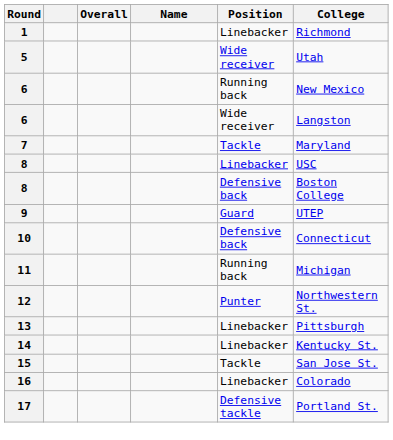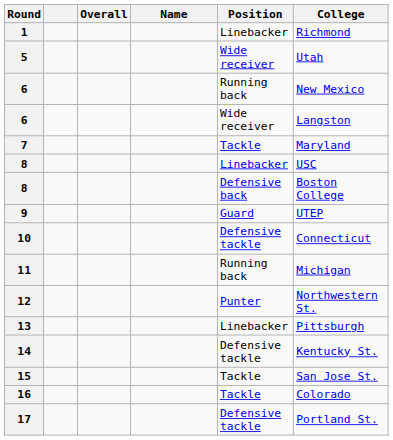 <table class="wikitable sortable" style="width: 50%;">
 <tr>
 <th scope="col" style="width: 10%;">Round</th>
 <th scope="col" style="width: 10%;"></th>
 <th scope="col" style="width: 10%;">Overall</th>
 <th scope="col" style="width: 25%;">Name</th>
 <th scope="col" style="width: 20%;">Position</th>
 <th scope="col" style="width: 25%;">College</th>
 </tr>
 <tr>
 <th scope="row">1</th>
 <td></td>
 <td></td>
 <td></td>
 <td>Linebacker</td>
 <td><a href='#'>Richmond</a></td>
 </tr>
 <tr>
 <th scope="row">5</th>
 <td></td>
 <td></td>
 <td></td>
 <td><a href='#'>Wide receiver</a></td>
 <td><a href='#'>Utah</a></td>
 </tr>
 <tr>
 <th scope="row">6</th>
 <td></td>
 <td></td>
 <td></td>
 <td>Running back</td>
 <td><a href='#'>New Mexico</a></td>
 </tr>
 <tr>
 <th scope="row">6</th>
 <td></td>
 <td></td>
 <td></td>
 <td>Wide receiver</td>
 <td><a href='#'>Langston</a></td>
 </tr>
 <tr>
 <th scope="row">7</th>
 <td></td>
 <td></td>
 <td></td>
 <td><a href='#'>Tackle</a></td>
 <td><a href='#'>Maryland</a></td>
 </tr>
 <tr>
 <th scope="row">8</th>
 <td></td>
 <td></td>
 <td></td>
 <td><a href='#'>Linebacker</a></td>
 <td><a href='#'>USC</a></td>
 </tr>
 <tr>
 <th scope="row">8</th>
 <td></td>
 <td></td>
 <td></td>
 <td><a href='#'>Defensive back</a></td>
 <td><a href='#'>Boston College</a></td>
 </tr>
 <tr>
 <th scope="row">9</th>
 <td></td>
 <td></td>
 <td></td>
 <td><a href='#'>Guard</a></td>
 <td><a href='#'>UTEP</a></td>
 </tr>
 <tr>
 <th scope="row">10</th>
 <td></td>
 <td></td>
 <td></td>
-<td><a href='#'>Defensive back</a></td>
+<td><a href='#'>Defensive tackle</a></td>
 <td><a href='#'>Connecticut</a></td>
 </tr>
 <tr>
 <th scope="row">11</th>
 <td></td>
 <td></td>
 <td></td>
 <td>Running back</td>
 <td><a href='#'>Michigan</a></td>
 </tr>
 <tr>
 <th scope="row">12</th>
 <td></td>
 <td></td>
 <td></td>
 <td><a href='#'>Punter</a></td>
 <td><a href='#'>Northwestern St.</a></td>
 </tr>
 <tr>
 <th scope="row">13</th>
 <td></td>
 <td></td>
 <td></td>
 <td>Linebacker</td>
 <td><a href='#'>Pittsburgh</a></td>
 </tr>
 <tr>
 <th scope="row">14</th>
 <td></td>
 <td></td>
 <td></td>
-<td>Linebacker</td>
+<td>Defensive tackle</td>
 <td><a href='#'>Kentucky St.</a></td>
 </tr>
 <tr>
 <th scope="row">15</th>
 <td></td>
 <td></td>
 <td></td>
 <td>Tackle</td>
 <td><a href='#'>San Jose St.</a></td>
 </tr>
 <tr>
 <th scope="row">16</th>
 <td></td>
 <td></td>
 <td></td>
-<td>Linebacker</td>
+<td><a href='#'>Tackle</a></td>
 <td><a href='#'>Colorado</a></td>
 </tr>
 <tr>
 <th scope="row">17</th>
 <td></td>
 <td></td>
 <td></td>
 <td><a href='#'>Defensive tackle</a></td>
 <td><a href='#'>Portland St.</a></td>
 </tr>
 </table>
